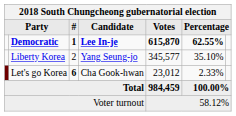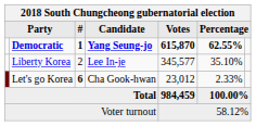 <table class="wikitable">
 <tr>
 <th colspan="7">2018 South Chungcheong gubernatorial election</th>
 </tr>
 <tr>
 <th style="background-color:#E9E9E9" colspan=2>Party</th>
 <th style="background-color:#E9E9E9">#</th>
 <th style="background-color:#E9E9E9">Candidate</th>
 <th style="background-color:#E9E9E9">Votes</th>
 <th style="background-color:#E9E9E9" colspan=2>Percentage</th>
 </tr>
 <tr style="font-weight:bold">
 <td></td>
 <td align=left><a href='#'>Democratic</a></td>
 <td align=center>1</td>
-<td align=left><a href='#'>Lee In-je</a></td>
+<td align=left><a href='#'>Yang Seung-jo</a></td>
 <td align=right>615,870</td>
 <td align=right>62.55%</td>
 <td align=right></td>
 </tr>
 <tr>
 <td></td>
 <td align=left><a href='#'>Liberty Korea</a></td>
 <td align=center>2</td>
-<td align=left><a href='#'>Yang Seung-jo</a></td>
+<td align=left><a href='#'>Lee In-je</a></td>
 <td align=right>345,577</td>
 <td align=right>35.10%</td>
 <td align=right></td>
 </tr>
 <tr>
 <td bgcolor="#6F0000"></td>
 <td align=left>Let's go Korea</td>
 <td align=center><strong>6</strong></td>
 <td align=left>Cha Gook-hwan</td>
 <td align=right>23,012</td>
 <td align=right>2.33%</td>
 <td align=right></td>
 </tr>
 <tr bgcolor="#EEEEEE" style="font-weight:bold">
 <td colspan="4" align=right>Total</td>
 <td align=right>984,459</td>
 <td align=right colspan=2>100.00%</td>
 </tr>
 <tr bgcolor="#EEEEEE">
 <td colspan="4" align="right">Voter turnout</td>
 <td colspan="3" align="right">58.12%</td>
 </tr>
 </table>
